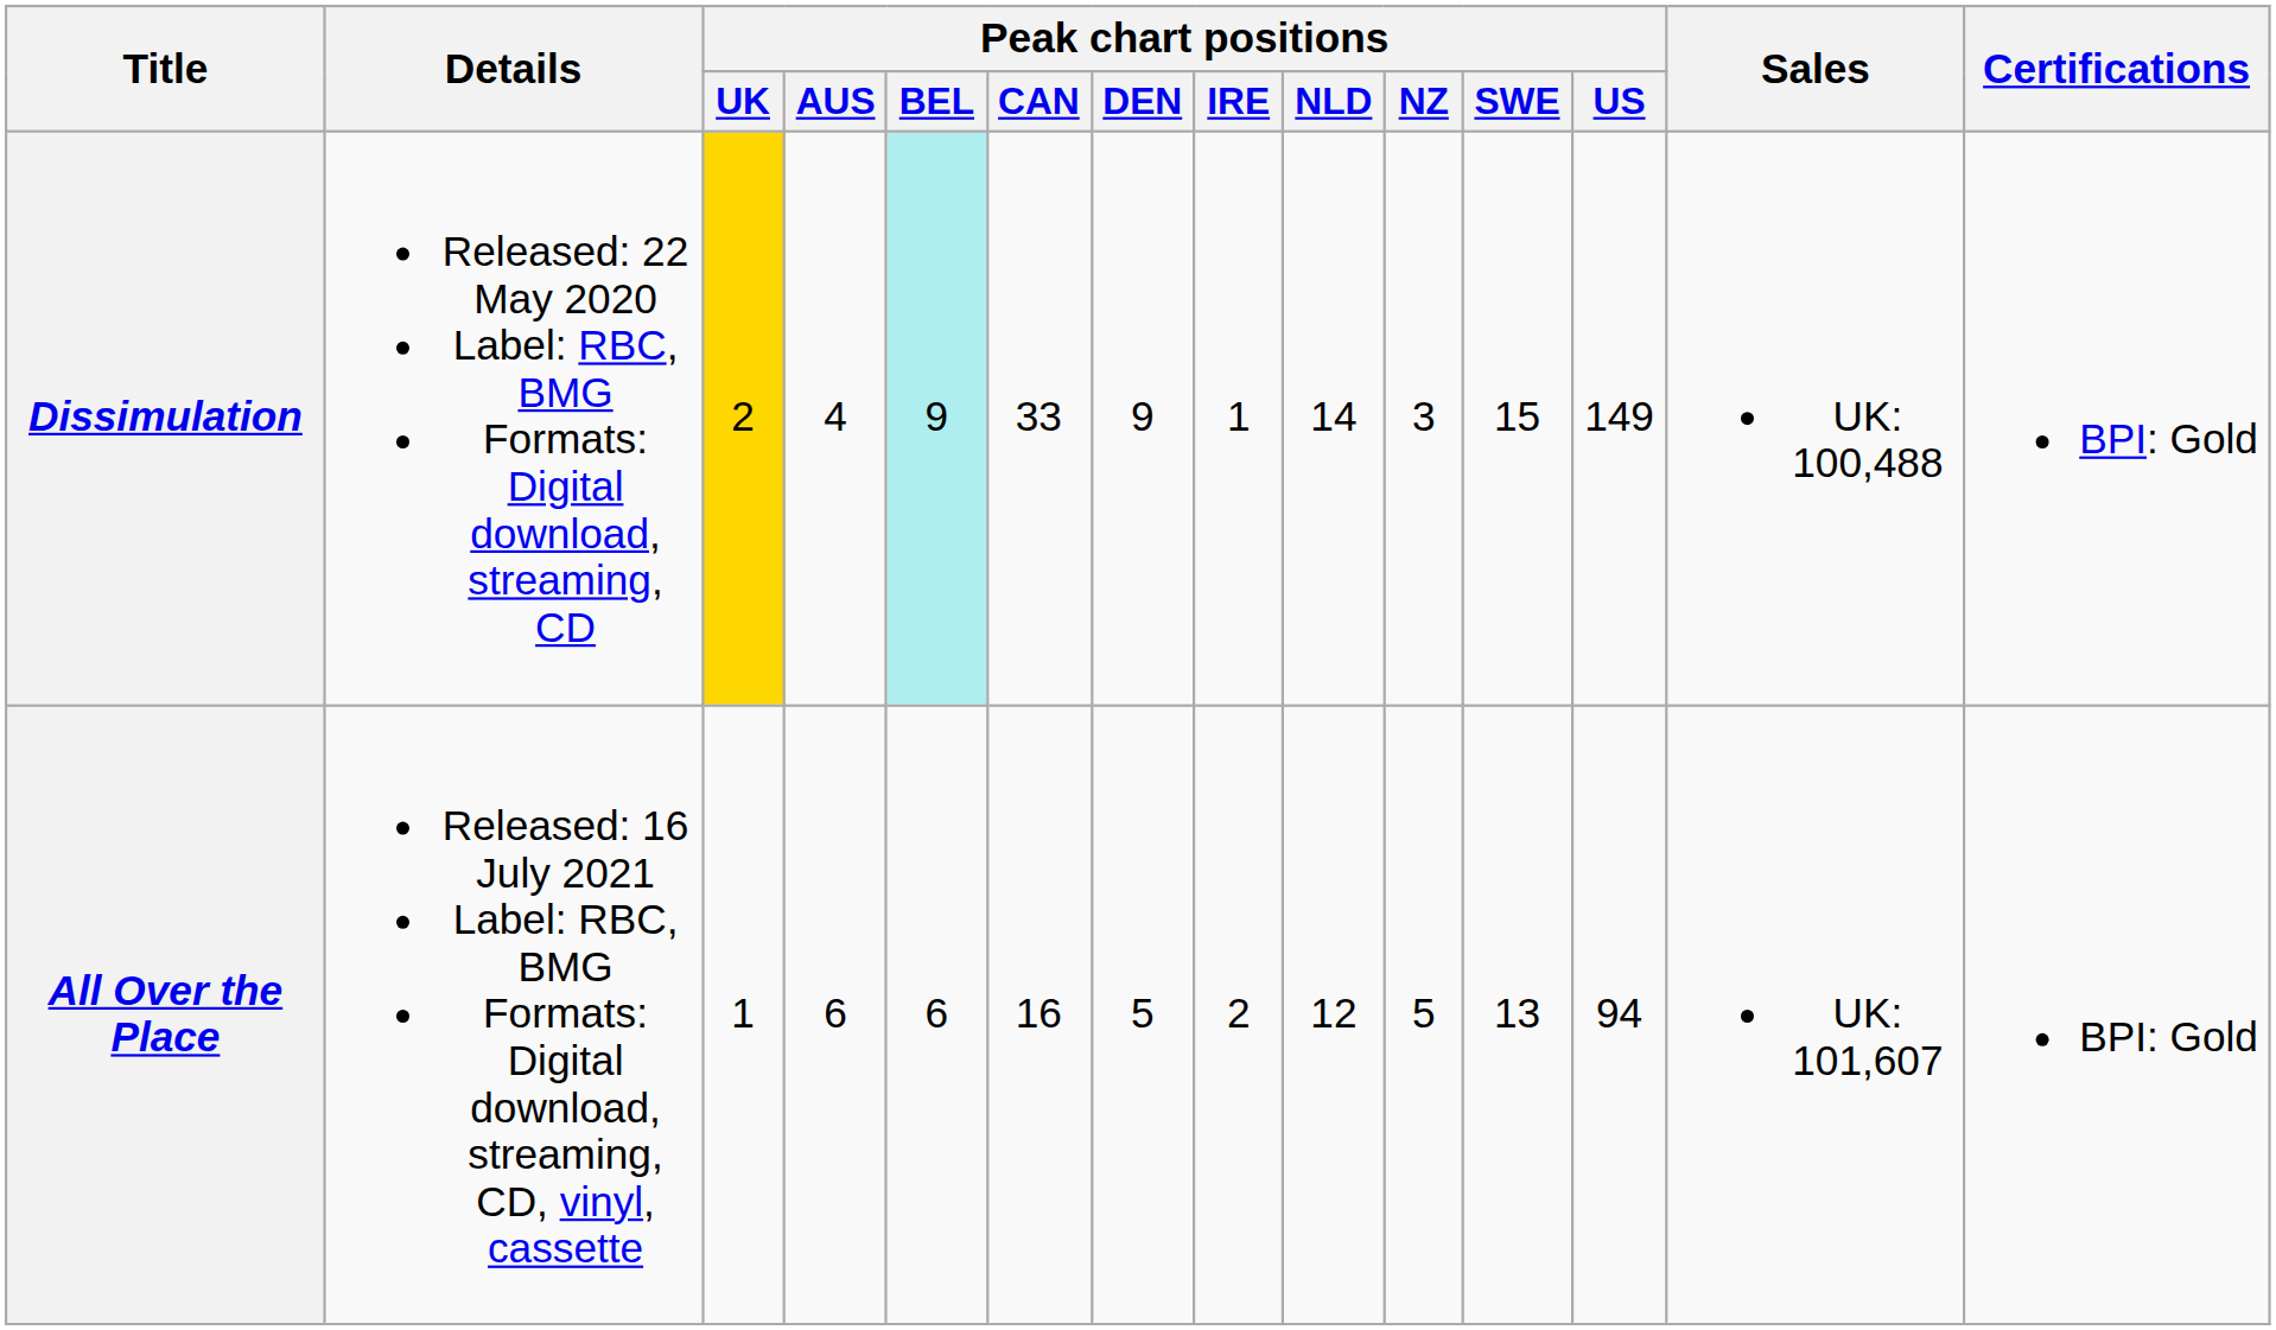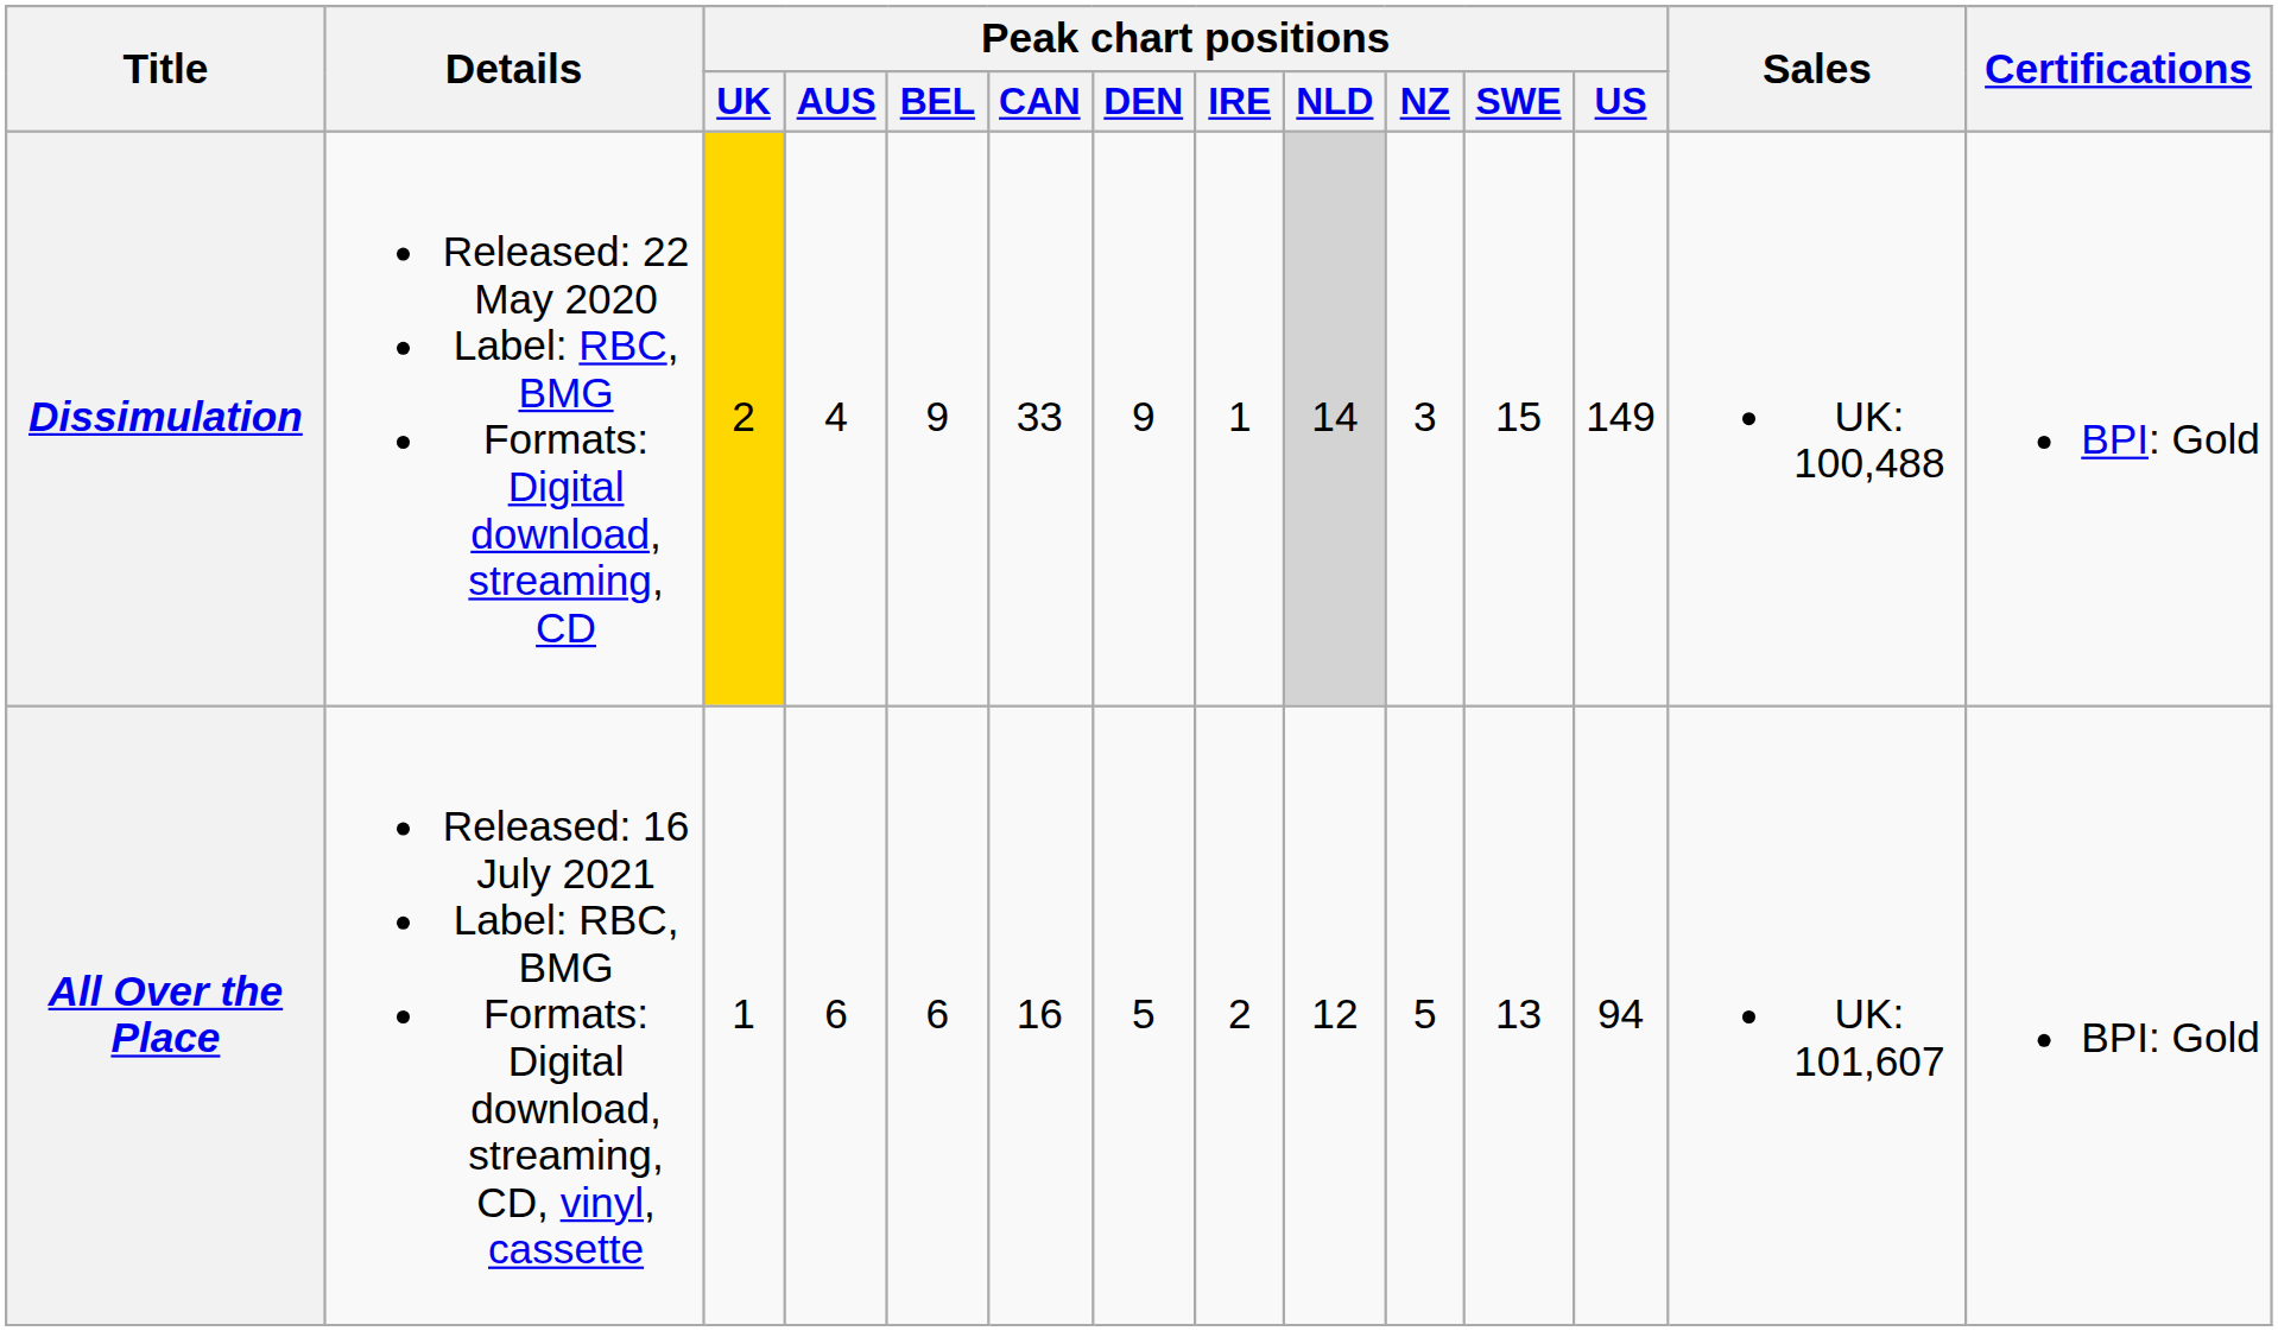 <table class="wikitable plainrowheaders" style="text-align:center;">
 <tr>
 <th scope="col" rowspan="2" style="width:10em;">Title</th>
 <th scope="col" rowspan="2" style="width:15em;">Details</th>
 <th scope="col" colspan="10">Peak chart positions</th>
 <th scope="col" rowspan="2" style="width:9em;">Sales</th>
 <th scope="col" rowspan="2" style="width:9em;"><a href='#'>Certifications</a></th>
 </tr>
 <tr>
 <th scope="col" style="width:3em;font-size:90%;"><a href='#'>UK</a><br></th>
 <th scope="col" style="width:3em;font-size:90%;"><a href='#'>AUS</a><br></th>
 <th scope="col" style="width:3em;font-size:90%;"><a href='#'>BEL</a><br></th>
 <th scope="col" style="width:3em;font-size:90%;"><a href='#'>CAN</a><br></th>
 <th scope="col" style="width:3em;font-size:90%;"><a href='#'>DEN</a><br></th>
 <th scope="col" style="width:3em;font-size:90%;"><a href='#'>IRE</a><br></th>
 <th scope="col" style="width:3em;font-size:90%;"><a href='#'>NLD</a><br></th>
 <th scope="col" style="width:3em;font-size:90%;"><a href='#'>NZ</a><br></th>
 <th scope="col" style="width:3em;font-size:90%;"><a href='#'>SWE</a><br></th>
 <th scope="col" style="width:3em;font-size:90%;"><a href='#'>US</a><br></th>
 </tr>
 <tr>
 <th scope="row"><em><a href='#'>Dissimulation</a></em></th>
 <td><br><ul><li>Released: 22 May 2020</li><li>Label: <a href='#'>RBC</a>, <a href='#'>BMG</a></li><li>Formats: <a href='#'>Digital download</a>, <a href='#'>streaming</a>, <a href='#'>CD</a></li></ul></td>
 <td style="background: gold;">2</td>
 <td>4</td>
-<td style="background: paleturquoise;">9</td>
+<td>9</td>
 <td>33</td>
 <td>9</td>
 <td>1</td>
-<td>14</td>
+<td style="background: lightgrey;">14</td>
 <td>3</td>
 <td>15</td>
 <td>149</td>
 <td><br><ul><li>UK: 100,488</li></ul></td>
 <td><br><ul><li><a href='#'>BPI</a>: Gold</li></ul></td>
 </tr>
 <tr>
 <th scope="row"><em><a href='#'>All Over the Place</a></em></th>
 <td><br><ul><li>Released: 16 July 2021</li><li>Label: RBC, BMG</li><li>Formats: Digital download, streaming, CD, <a href='#'>vinyl</a>, <a href='#'>cassette</a></li></ul></td>
 <td>1</td>
 <td>6</td>
 <td>6</td>
 <td>16</td>
 <td>5</td>
 <td>2</td>
 <td>12</td>
 <td>5</td>
 <td>13</td>
 <td>94</td>
 <td><br><ul><li>UK: 101,607</li></ul></td>
 <td><br><ul><li>BPI: Gold</li></ul></td>
 </tr>
 </table>
